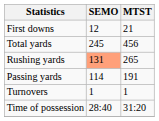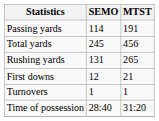 <table class="wikitable">
 <tr>
 <th>Statistics</th>
 <th>SEMO</th>
 <th>MTST</th>
 </tr>
 <tr>
-<td>First downs</td>
-<td>12</td>
-<td>21</td>
+<td>Passing yards</td>
+<td>114</td>
+<td>191</td>
 </tr>
 <tr>
 <td>Total yards</td>
 <td>245</td>
 <td>456</td>
 </tr>
 <tr>
 <td>Rushing yards</td>
-<td style="background: lightsalmon;">131</td>
+<td>131</td>
 <td>265</td>
 </tr>
 <tr>
-<td>Passing yards</td>
-<td>114</td>
-<td>191</td>
+<td>First downs</td>
+<td>12</td>
+<td>21</td>
 </tr>
 <tr>
 <td>Turnovers</td>
 <td>1</td>
 <td>1</td>
 </tr>
 <tr>
 <td>Time of possession</td>
 <td>28:40</td>
 <td>31:20</td>
 </tr>
 <tr>
 </tr>
 </table>
